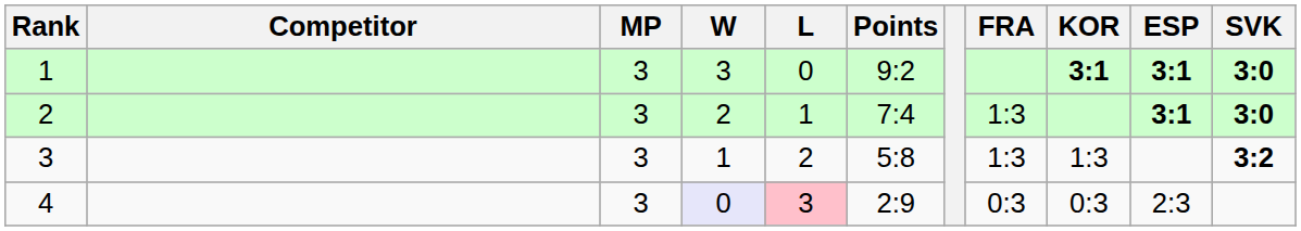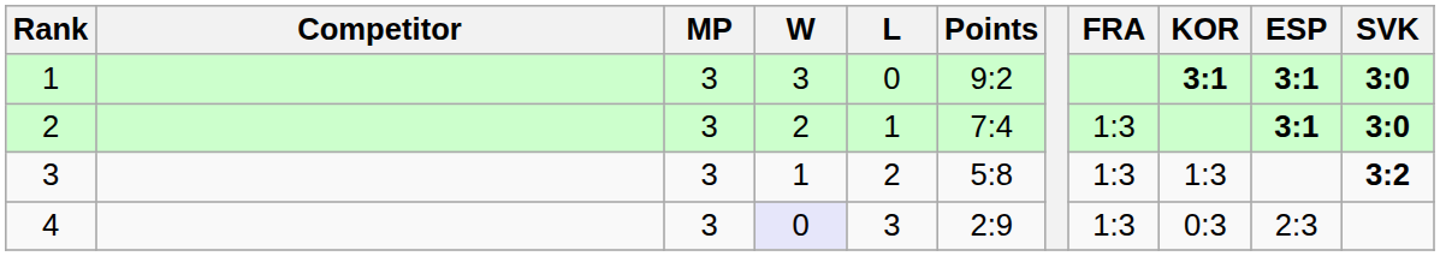 <table class="wikitable" style="text-align:center">
 <tr>
 <th>Rank</th>
 <th style="width:18em">Competitor</th>
 <th style="width:2.5em">MP</th>
 <th style="width:2.5em">W</th>
 <th style="width:2.5em">L</th>
 <th>Points</th>
 <th rowspan="5"> </th>
 <th style="width:2.5em">FRA</th>
 <th style="width:2.5em">KOR</th>
 <th style="width:2.5em">ESP</th>
 <th style="width:2.5em">SVK</th>
 </tr>
 <tr style="background:#cfc;">
 <td>1</td>
 <td style="text-align:left"></td>
 <td>3</td>
 <td>3</td>
 <td>0</td>
 <td>9:2</td>
 <td></td>
 <td><strong>3:1</strong></td>
 <td><strong>3:1</strong></td>
 <td><strong>3:0</strong></td>
 </tr>
 <tr style="background:#cfc;">
 <td>2</td>
 <td style="text-align:left"></td>
 <td>3</td>
 <td>2</td>
 <td>1</td>
 <td>7:4</td>
 <td>1:3</td>
 <td></td>
 <td><strong>3:1</strong></td>
 <td><strong>3:0</strong></td>
 </tr>
 <tr>
 <td>3</td>
 <td style="text-align:left"></td>
 <td>3</td>
 <td>1</td>
 <td>2</td>
 <td>5:8</td>
 <td>1:3</td>
 <td>1:3</td>
 <td></td>
 <td><strong>3:2</strong></td>
 </tr>
 <tr>
 <td>4</td>
 <td style="text-align:left"></td>
 <td>3</td>
 <td style="background: lavender;">0</td>
-<td style="background: pink;">3</td>
+<td>3</td>
 <td>2:9</td>
-<td>0:3</td>
+<td>1:3</td>
 <td>0:3</td>
 <td>2:3</td>
 <td></td>
 </tr>
 </table>
